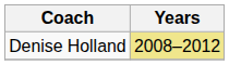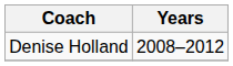 <table class="wikitable collapsible">
 <tr>
 <th>Coach</th>
 <th>Years</th>
 </tr>
 <tr>
 <td> Denise Holland </td>
-<td style="background: khaki;">2008–2012</td>
+<td>2008–2012</td>
 </tr>
 <tr>
 </tr>
 </table>
